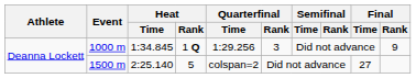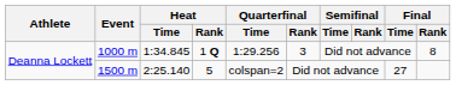 <table class="wikitable" style="font-size:90%">
 <tr>
 <th rowspan=2>Athlete</th>
 <th rowspan=2>Event</th>
 <th colspan=2>Heat</th>
 <th colspan=2>Quarterfinal</th>
 <th colspan=2>Semifinal</th>
 <th colspan=2>Final</th>
 </tr>
 <tr style="font-size:95%">
 <th>Time</th>
 <th>Rank</th>
 <th>Time</th>
 <th>Rank</th>
 <th>Time</th>
 <th>Rank</th>
 <th>Time</th>
 <th>Rank</th>
 </tr>
 <tr align=center>
 <td align=left rowspan=2><a href='#'>Deanna Lockett</a></td>
 <td align=left><a href='#'>1000 m</a></td>
 <td>1:34.845</td>
 <td>1 <strong>Q</strong></td>
 <td>1:29.256</td>
 <td>3</td>
 <td colspan=3>Did not advance</td>
-<td>9</td>
+<td>8</td>
 </tr>
 <tr align=center>
 <td align=left><a href='#'>1500 m</a></td>
 <td>2:25.140</td>
 <td>5</td>
 <td>colspan=2 </td>
 <td colspan=3>Did not advance</td>
 <td>27</td>
 </tr>
 </table>
